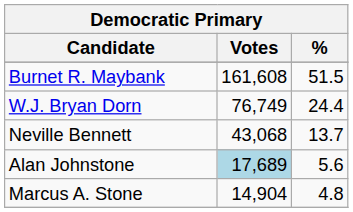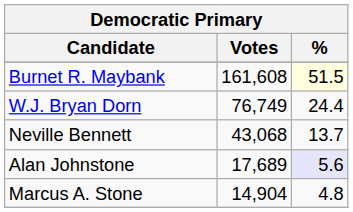 <table class="wikitable" align="left" style="margin: 1em 1em 1em 0; font-size: 95%;">
 <tr>
 <th colspan="3">Democratic Primary</th>
 </tr>
 <tr>
 <th colspan="1" style="width: 170px">Candidate</th>
 <th style="width: 50px">Votes</th>
 <th style="width: 40px">%</th>
 </tr>
 <tr>
 </tr>
 <tr>
 <td><a href='#'>Burnet R. Maybank</a></td>
 <td align="right">161,608</td>
-<td align="right">51.5</td>
+<td align="right" style="background: lightyellow;">51.5</td>
 </tr>
 <tr>
 <td><a href='#'>W.J. Bryan Dorn</a></td>
 <td align="right">76,749</td>
 <td align="right">24.4</td>
 </tr>
 <tr>
 <td>Neville Bennett</td>
 <td align="right">43,068</td>
 <td align="right">13.7</td>
 </tr>
 <tr>
 <td>Alan Johnstone</td>
-<td align="right" style="background: lightblue;">17,689</td>
-<td align="right">5.6</td>
+<td align="right">17,689</td>
+<td align="right" style="background: lavender;">5.6</td>
 </tr>
 <tr>
 <td>Marcus A. Stone</td>
 <td align="right">14,904</td>
 <td align="right">4.8</td>
 </tr>
 <tr>
 </tr>
 </table>
